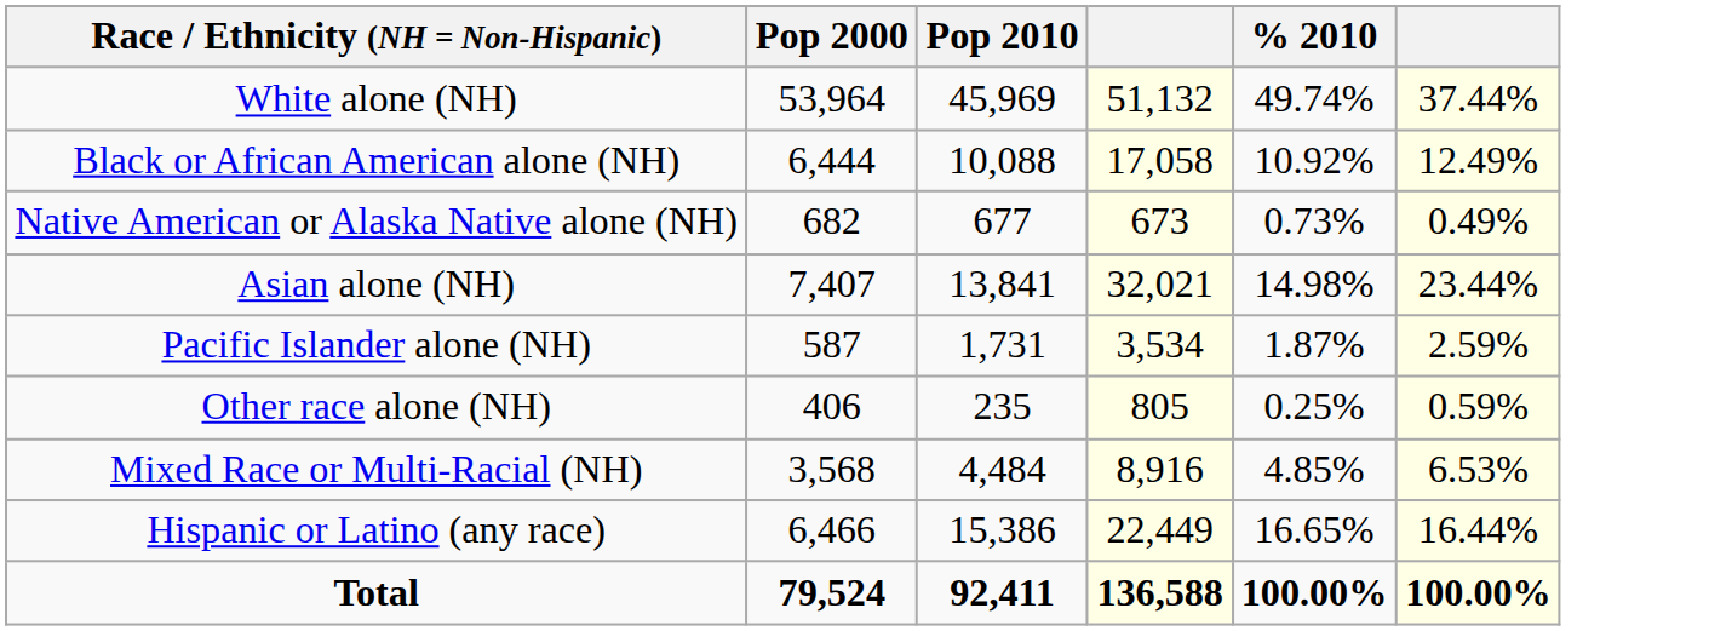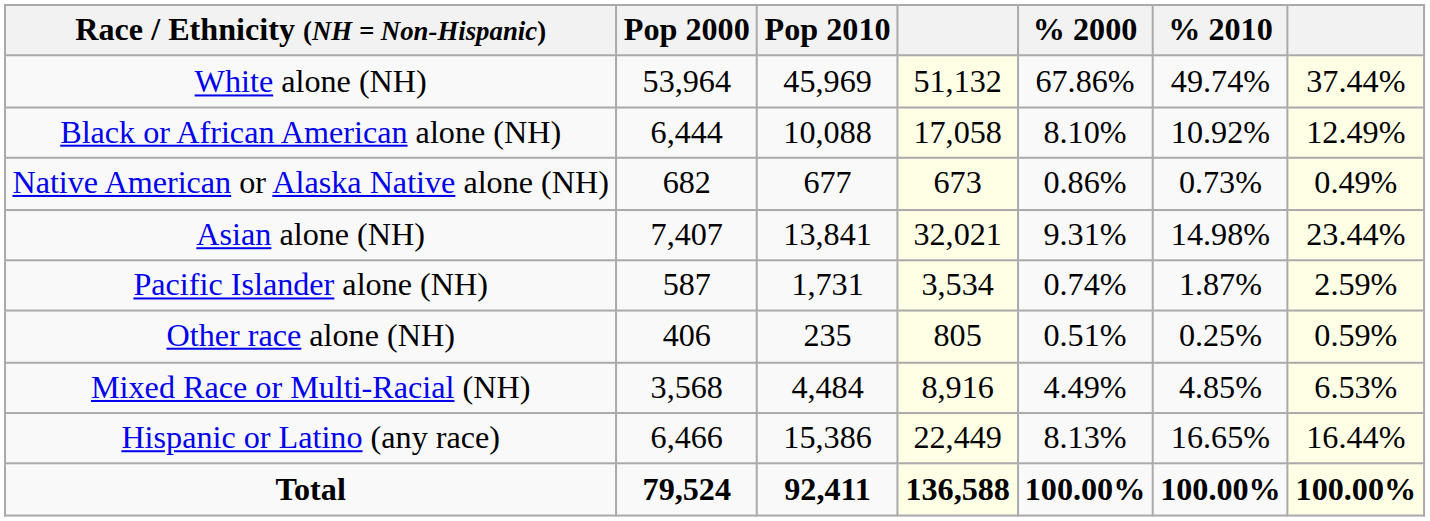 <table class="wikitable" style="text-align:center;">
 <tr>
 <th>Race / Ethnicity <small>(<em>NH = Non-Hispanic</em>)</small></th>
 <th>Pop 2000</th>
 <th>Pop 2010</th>
 <th></th>
+<th>% 2000</th>
 <th>% 2010</th>
 <th></th>
 </tr>
 <tr>
 <td><a href='#'>White</a> alone (NH)</td>
 <td>53,964</td>
 <td>45,969</td>
 <td style='background: #ffffe6;'>51,132</td>
+<td>67.86%</td>
 <td>49.74%</td>
 <td style='background: #ffffe6;'>37.44%</td>
 </tr>
 <tr>
 <td><a href='#'>Black or African American</a> alone (NH)</td>
 <td>6,444</td>
 <td>10,088</td>
 <td style='background: #ffffe6;'>17,058</td>
+<td>8.10%</td>
 <td>10.92%</td>
 <td style='background: #ffffe6;'>12.49%</td>
 </tr>
 <tr>
 <td><a href='#'>Native American</a> or <a href='#'>Alaska Native</a> alone (NH)</td>
 <td>682</td>
 <td>677</td>
 <td style='background: #ffffe6;'>673</td>
+<td>0.86%</td>
 <td>0.73%</td>
 <td style='background: #ffffe6;'>0.49%</td>
 </tr>
 <tr>
 <td><a href='#'>Asian</a> alone (NH)</td>
 <td>7,407</td>
 <td>13,841</td>
 <td style='background: #ffffe6;'>32,021</td>
+<td>9.31%</td>
 <td>14.98%</td>
 <td style='background: #ffffe6;'>23.44%</td>
 </tr>
 <tr>
 <td><a href='#'>Pacific Islander</a> alone (NH)</td>
 <td>587</td>
 <td>1,731</td>
 <td style='background: #ffffe6;'>3,534</td>
+<td>0.74%</td>
 <td>1.87%</td>
 <td style='background: #ffffe6;'>2.59%</td>
 </tr>
 <tr>
 <td><a href='#'>Other race</a> alone (NH)</td>
 <td>406</td>
 <td>235</td>
 <td style='background: #ffffe6;'>805</td>
+<td>0.51%</td>
 <td>0.25%</td>
 <td style='background: #ffffe6;'>0.59%</td>
 </tr>
 <tr>
 <td><a href='#'>Mixed Race or Multi-Racial</a> (NH)</td>
 <td>3,568</td>
 <td>4,484</td>
 <td style='background: #ffffe6;'>8,916</td>
+<td>4.49%</td>
 <td>4.85%</td>
 <td style='background: #ffffe6;'>6.53%</td>
 </tr>
 <tr>
 <td><a href='#'>Hispanic or Latino</a> (any race)</td>
 <td>6,466</td>
 <td>15,386</td>
 <td style='background: #ffffe6;'>22,449</td>
+<td>8.13%</td>
 <td>16.65%</td>
 <td style='background: #ffffe6;'>16.44%</td>
 </tr>
 <tr>
 <td><strong>Total</strong></td>
 <td><strong>79,524</strong></td>
 <td><strong>92,411</strong></td>
 <td style='background: #ffffe6;'><strong>136,588</strong></td>
 <td><strong>100.00%</strong></td>
+<td><strong>100.00%</strong></td>
 <td style='background: #ffffe6;'><strong>100.00%</strong></td>
 </tr>
 </table>
